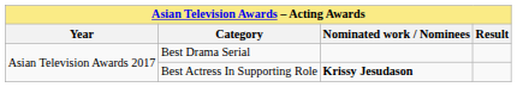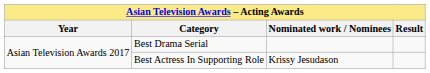 <table class="wikitable sortable">
 <tr>
 <th colspan="4" - style="background:#FAEB86;" align="center"><a href='#'>Asian Television Awards</a> – Acting Awards</th>
 </tr>
 <tr>
 <th>Year</th>
 <th>Category</th>
 <th>Nominated work / Nominees</th>
 <th>Result</th>
 </tr>
 <tr>
 <td rowspan ="2">Asian Television Awards 2017</td>
 <td>Best Drama Serial</td>
 <td></td>
 <td></td>
 </tr>
 <tr>
 <td>Best Actress In Supporting Role</td>
-<td><strong>Krissy Jesudason</strong></td>
+<td>Krissy Jesudason</td>
 <td></td>
 </tr>
 </table>
